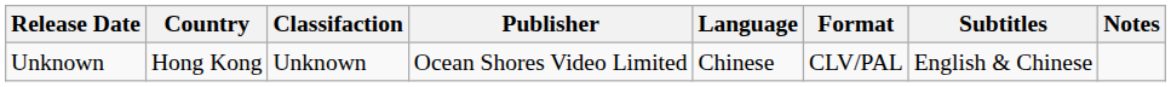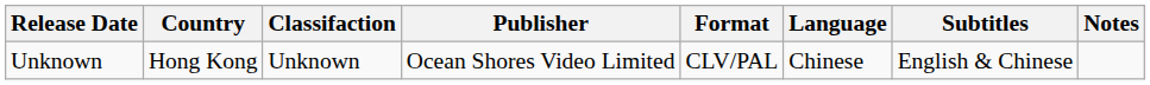 <table class="wikitable">
 <tr>
 <th>Release Date</th>
 <th>Country</th>
 <th>Classifaction</th>
 <th>Publisher</th>
+<th>Format</th>
 <th>Language</th>
-<th>Format</th>
 <th>Subtitles</th>
 <th>Notes</th>
 </tr>
 <tr>
 <td>Unknown</td>
 <td>Hong Kong</td>
 <td>Unknown</td>
 <td>Ocean Shores Video Limited</td>
+<td>CLV/PAL</td>
 <td>Chinese</td>
-<td>CLV/PAL</td>
 <td>English & Chinese</td>
 <td></td>
 </tr>
 </table>
